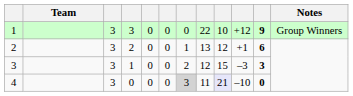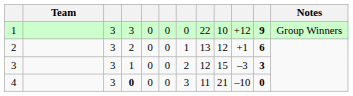 <table class="wikitable" style="text-align: center; font-size: 97%;">
 <tr>
 <th width="20"></th>
 <th width="110">Team</th>
 <th width="18"></th>
 <th width="22"></th>
 <th width="18"></th>
 <th width="18"></th>
 <th width="22"></th>
 <th width="18"></th>
 <th width="18"></th>
 <th width="25"></th>
 <th width="18"></th>
 <th width="105">Notes</th>
 </tr>
 <tr style="background-color: #ccffcc;">
 <td>1</td>
 <td align=left></td>
 <td>3</td>
 <td>3</td>
 <td>0</td>
 <td>0</td>
 <td>0</td>
 <td>22</td>
 <td>10</td>
 <td>+12</td>
 <td><strong>9</strong></td>
 <td>Group Winners</td>
 </tr>
 <tr>
 <td>2</td>
 <td align=left></td>
 <td>3</td>
 <td>2</td>
 <td>0</td>
 <td>0</td>
 <td>1</td>
 <td>13</td>
 <td>12</td>
 <td>+1</td>
 <td><strong>6</strong></td>
 <td rowspan="3"></td>
 </tr>
 <tr>
 <td>3</td>
 <td align=left></td>
 <td>3</td>
 <td>1</td>
 <td>0</td>
 <td>0</td>
 <td>2</td>
 <td>12</td>
 <td>15</td>
 <td>–3</td>
 <td><strong>3</strong></td>
 </tr>
 <tr>
 <td>4</td>
 <td align=left></td>
 <td>3</td>
+<td><strong>0</strong></td>
 <td>0</td>
 <td>0</td>
-<td>0</td>
-<td style="background: lightgrey;">3</td>
+<td>3</td>
 <td>11</td>
-<td style="background: lavender;">21</td>
+<td>21</td>
 <td>–10</td>
 <td><strong>0</strong></td>
 </tr>
 </table>
